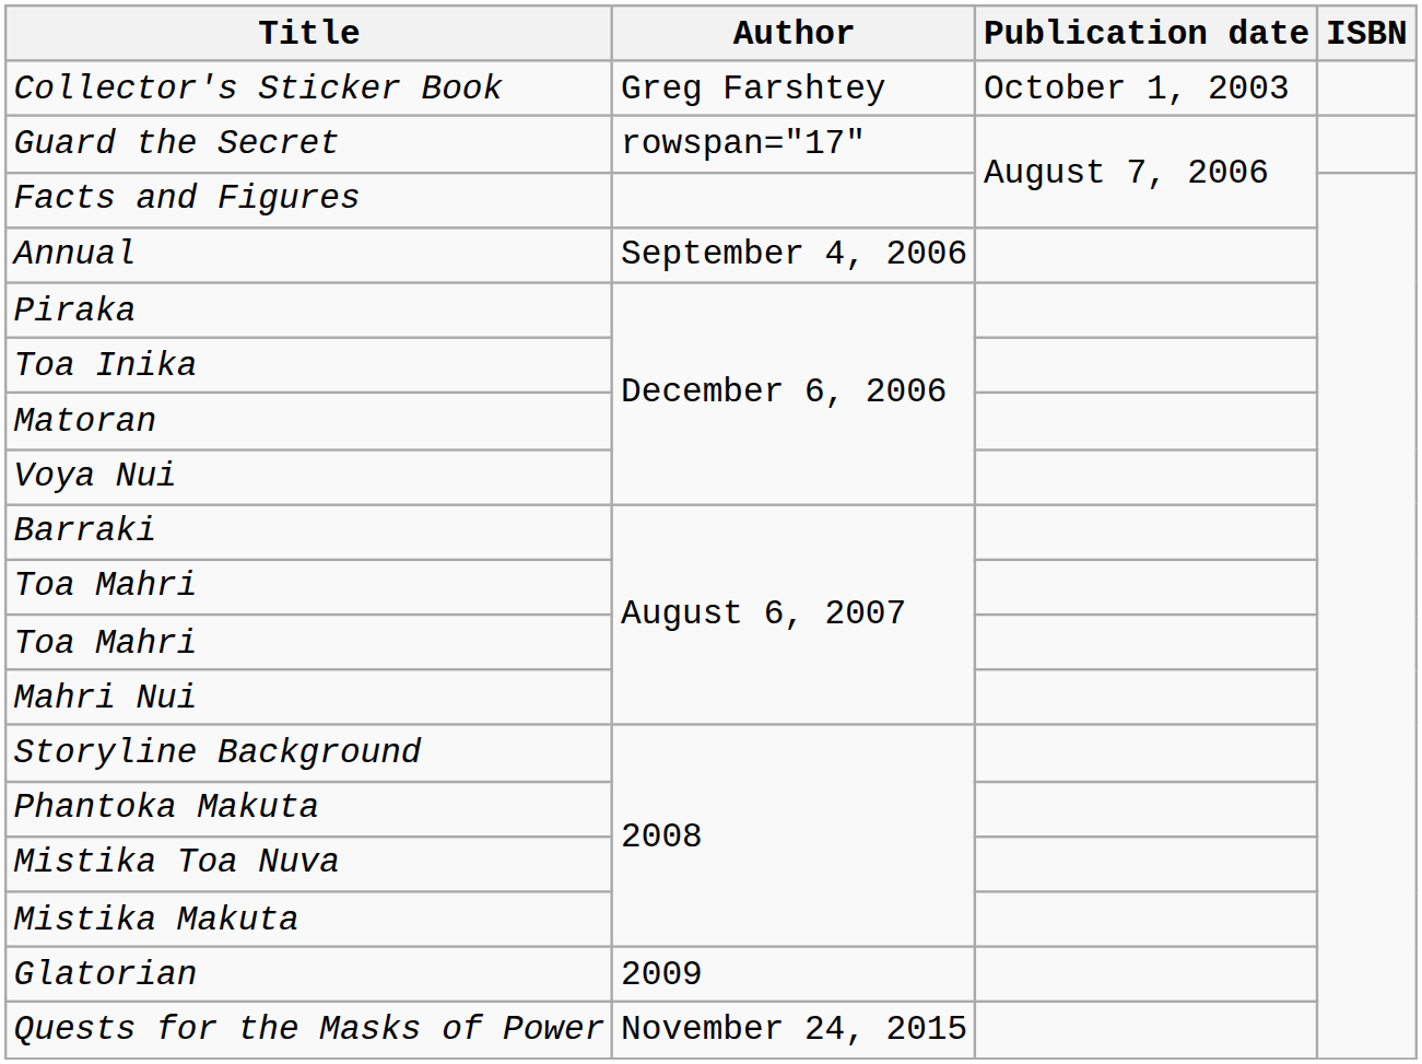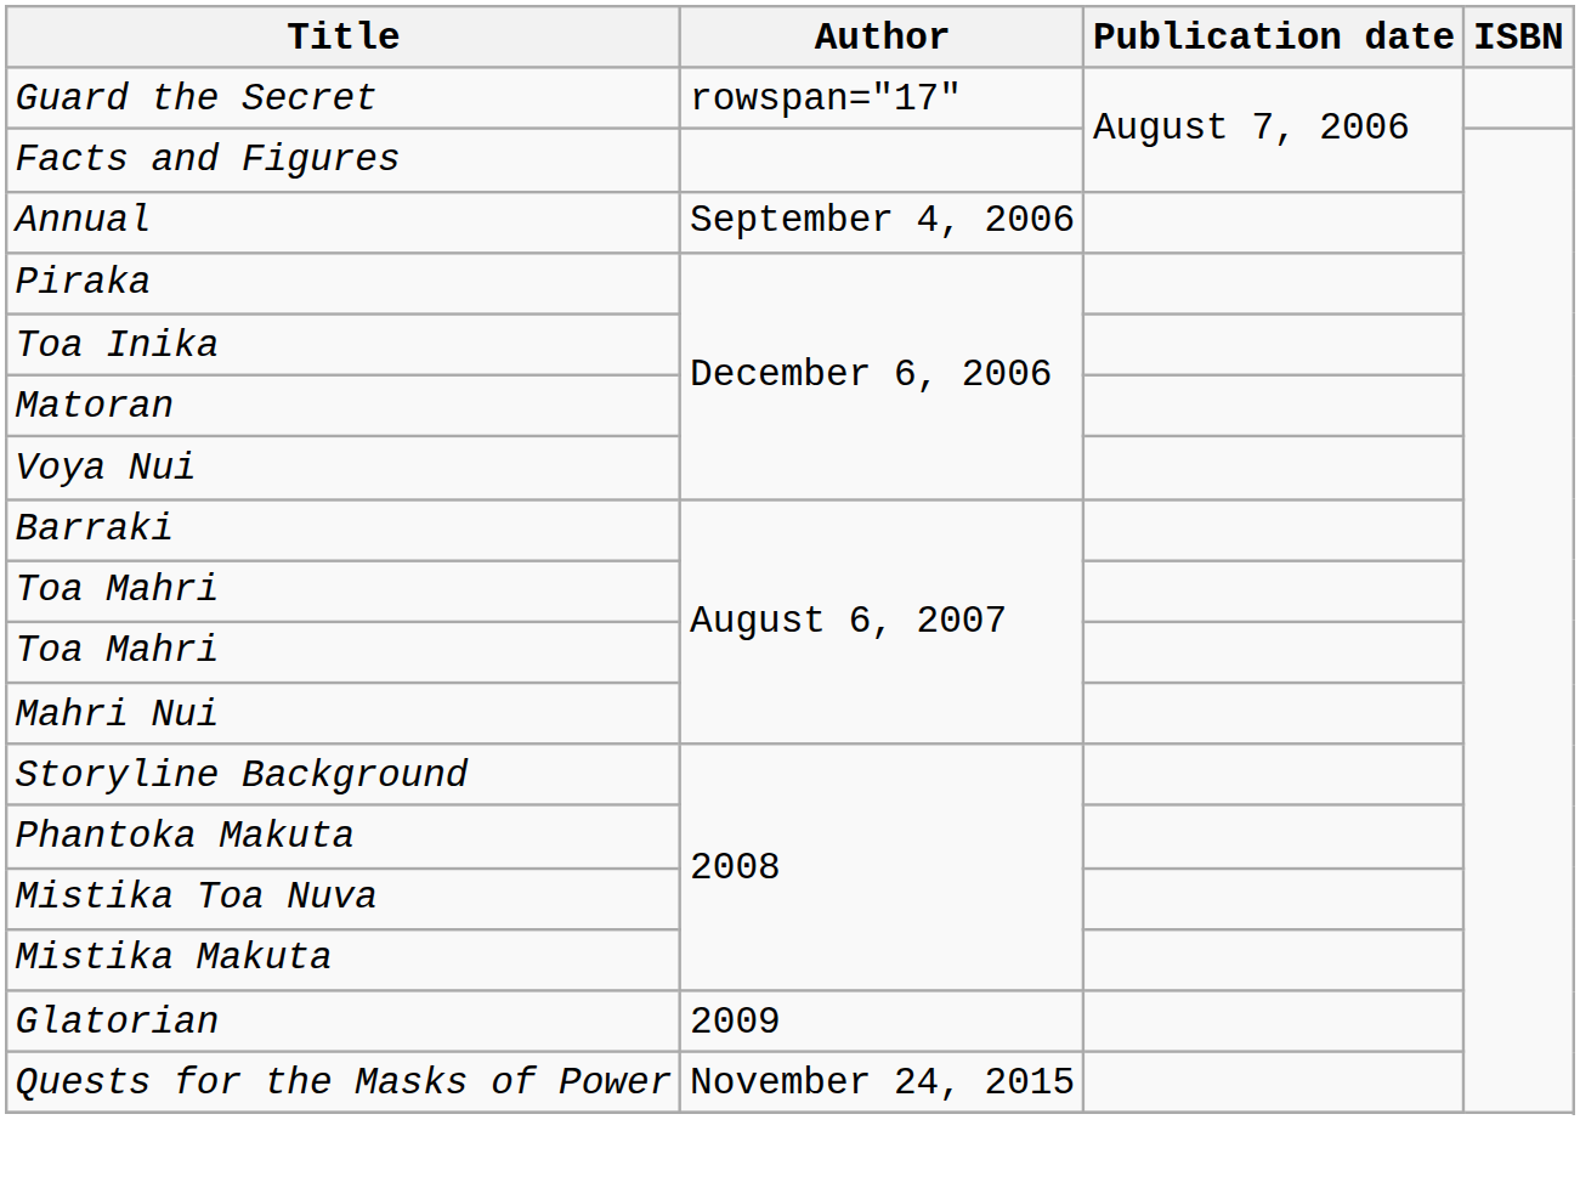 <table class="wikitable">
 <tr>
 <th>Title</th>
 <th>Author</th>
 <th>Publication date</th>
 <th>ISBN</th>
-</tr>
-<tr>
-<td><em>Collector's Sticker Book</em></td>
-<td>Greg Farshtey</td>
-<td>October 1, 2003</td>
-<td></td>
 </tr>
 <tr>
 <td><em>Guard the Secret</em></td>
 <td>rowspan="17" </td>
 <td Rowspan="2">August 7, 2006</td>
 <td></td>
 </tr>
 <tr>
 <td><em>Facts and Figures</em></td>
 <td></td>
 </tr>
 <tr>
 <td><em>Annual</em></td>
 <td>September 4, 2006</td>
 <td></td>
 </tr>
 <tr>
 <td><em>Piraka</em></td>
 <td Rowspan="4">December 6, 2006</td>
 <td></td>
 </tr>
 <tr>
 <td><em>Toa Inika</em></td>
 <td></td>
 </tr>
 <tr>
 <td><em>Matoran</em></td>
 <td></td>
 </tr>
 <tr>
 <td><em>Voya Nui</em></td>
 <td></td>
 </tr>
 <tr>
 <td><em>Barraki</em></td>
 <td Rowspan="4">August 6, 2007</td>
 <td></td>
 </tr>
 <tr>
 <td><em>Toa Mahri</em> </td>
 <td></td>
 </tr>
 <tr>
 <td><em>Toa Mahri</em> </td>
 <td></td>
 </tr>
 <tr>
 <td><em>Mahri Nui</em></td>
 <td></td>
 </tr>
 <tr>
 <td><em>Storyline Background</em></td>
 <td Rowspan="4">2008</td>
 <td></td>
 </tr>
 <tr>
 <td><em>Phantoka Makuta</em></td>
 <td></td>
 </tr>
 <tr>
 <td><em>Mistika Toa Nuva</em></td>
 <td></td>
 </tr>
 <tr>
 <td><em>Mistika Makuta</em></td>
 <td></td>
 </tr>
 <tr>
 <td><em>Glatorian</em></td>
 <td>2009</td>
 <td></td>
 </tr>
 <tr>
 <td><em>Quests for the Masks of Power</em></td>
 <td>November 24, 2015</td>
 <td></td>
 </tr>
 <tr>
 </tr>
 </table>
